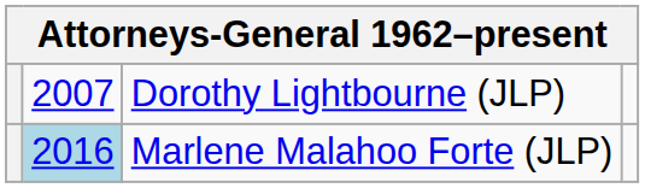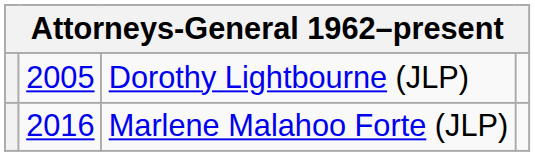 <table class="wikitable">
 <tr>
 <th colspan="4"><strong>Attorneys-General 1962–present</strong></th>
 </tr>
 <tr>
 <th style="background-color: "></th>
-<td><a href='#'>2007</a></td>
+<td><a href='#'>2005</a></td>
 <td><a href='#'>Dorothy Lightbourne</a> (JLP)</td>
 <td></td>
 </tr>
 <tr>
 <th style="background-color: "></th>
-<td style="background: lightblue;"><a href='#'>2016</a></td>
+<td><a href='#'>2016</a></td>
 <td><a href='#'>Marlene Malahoo Forte</a> (JLP)</td>
 <td></td>
 </tr>
 </table>
